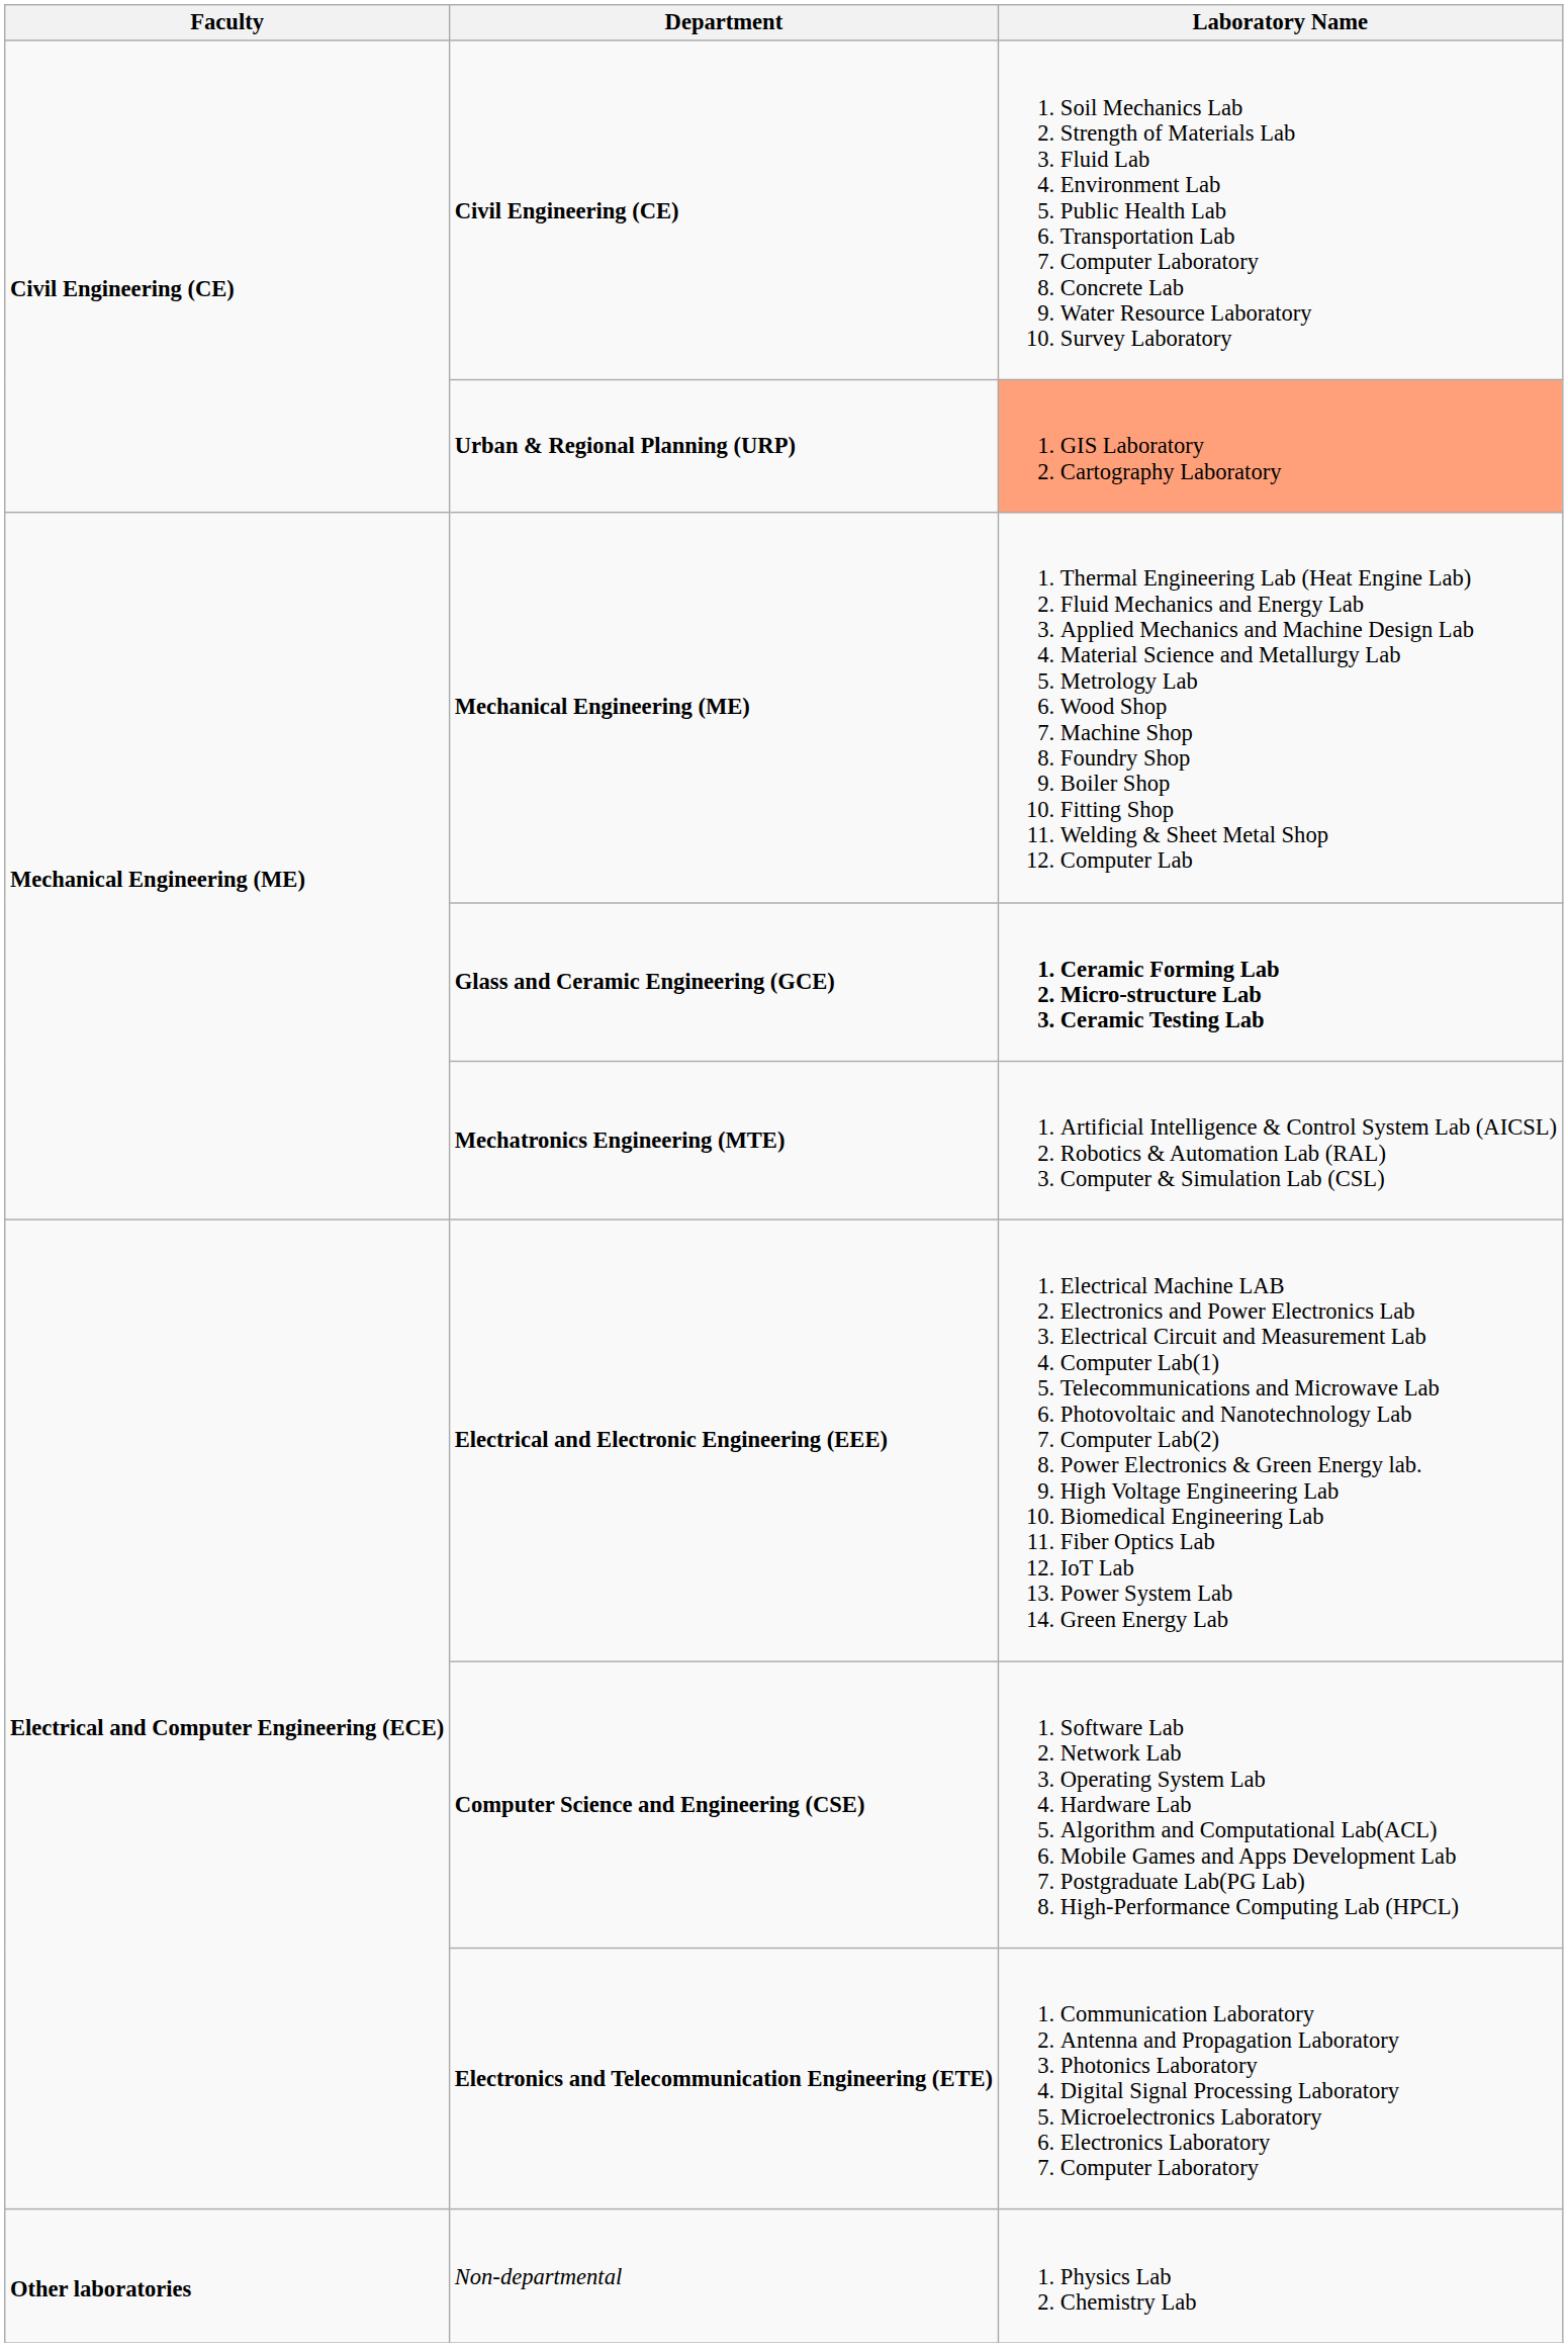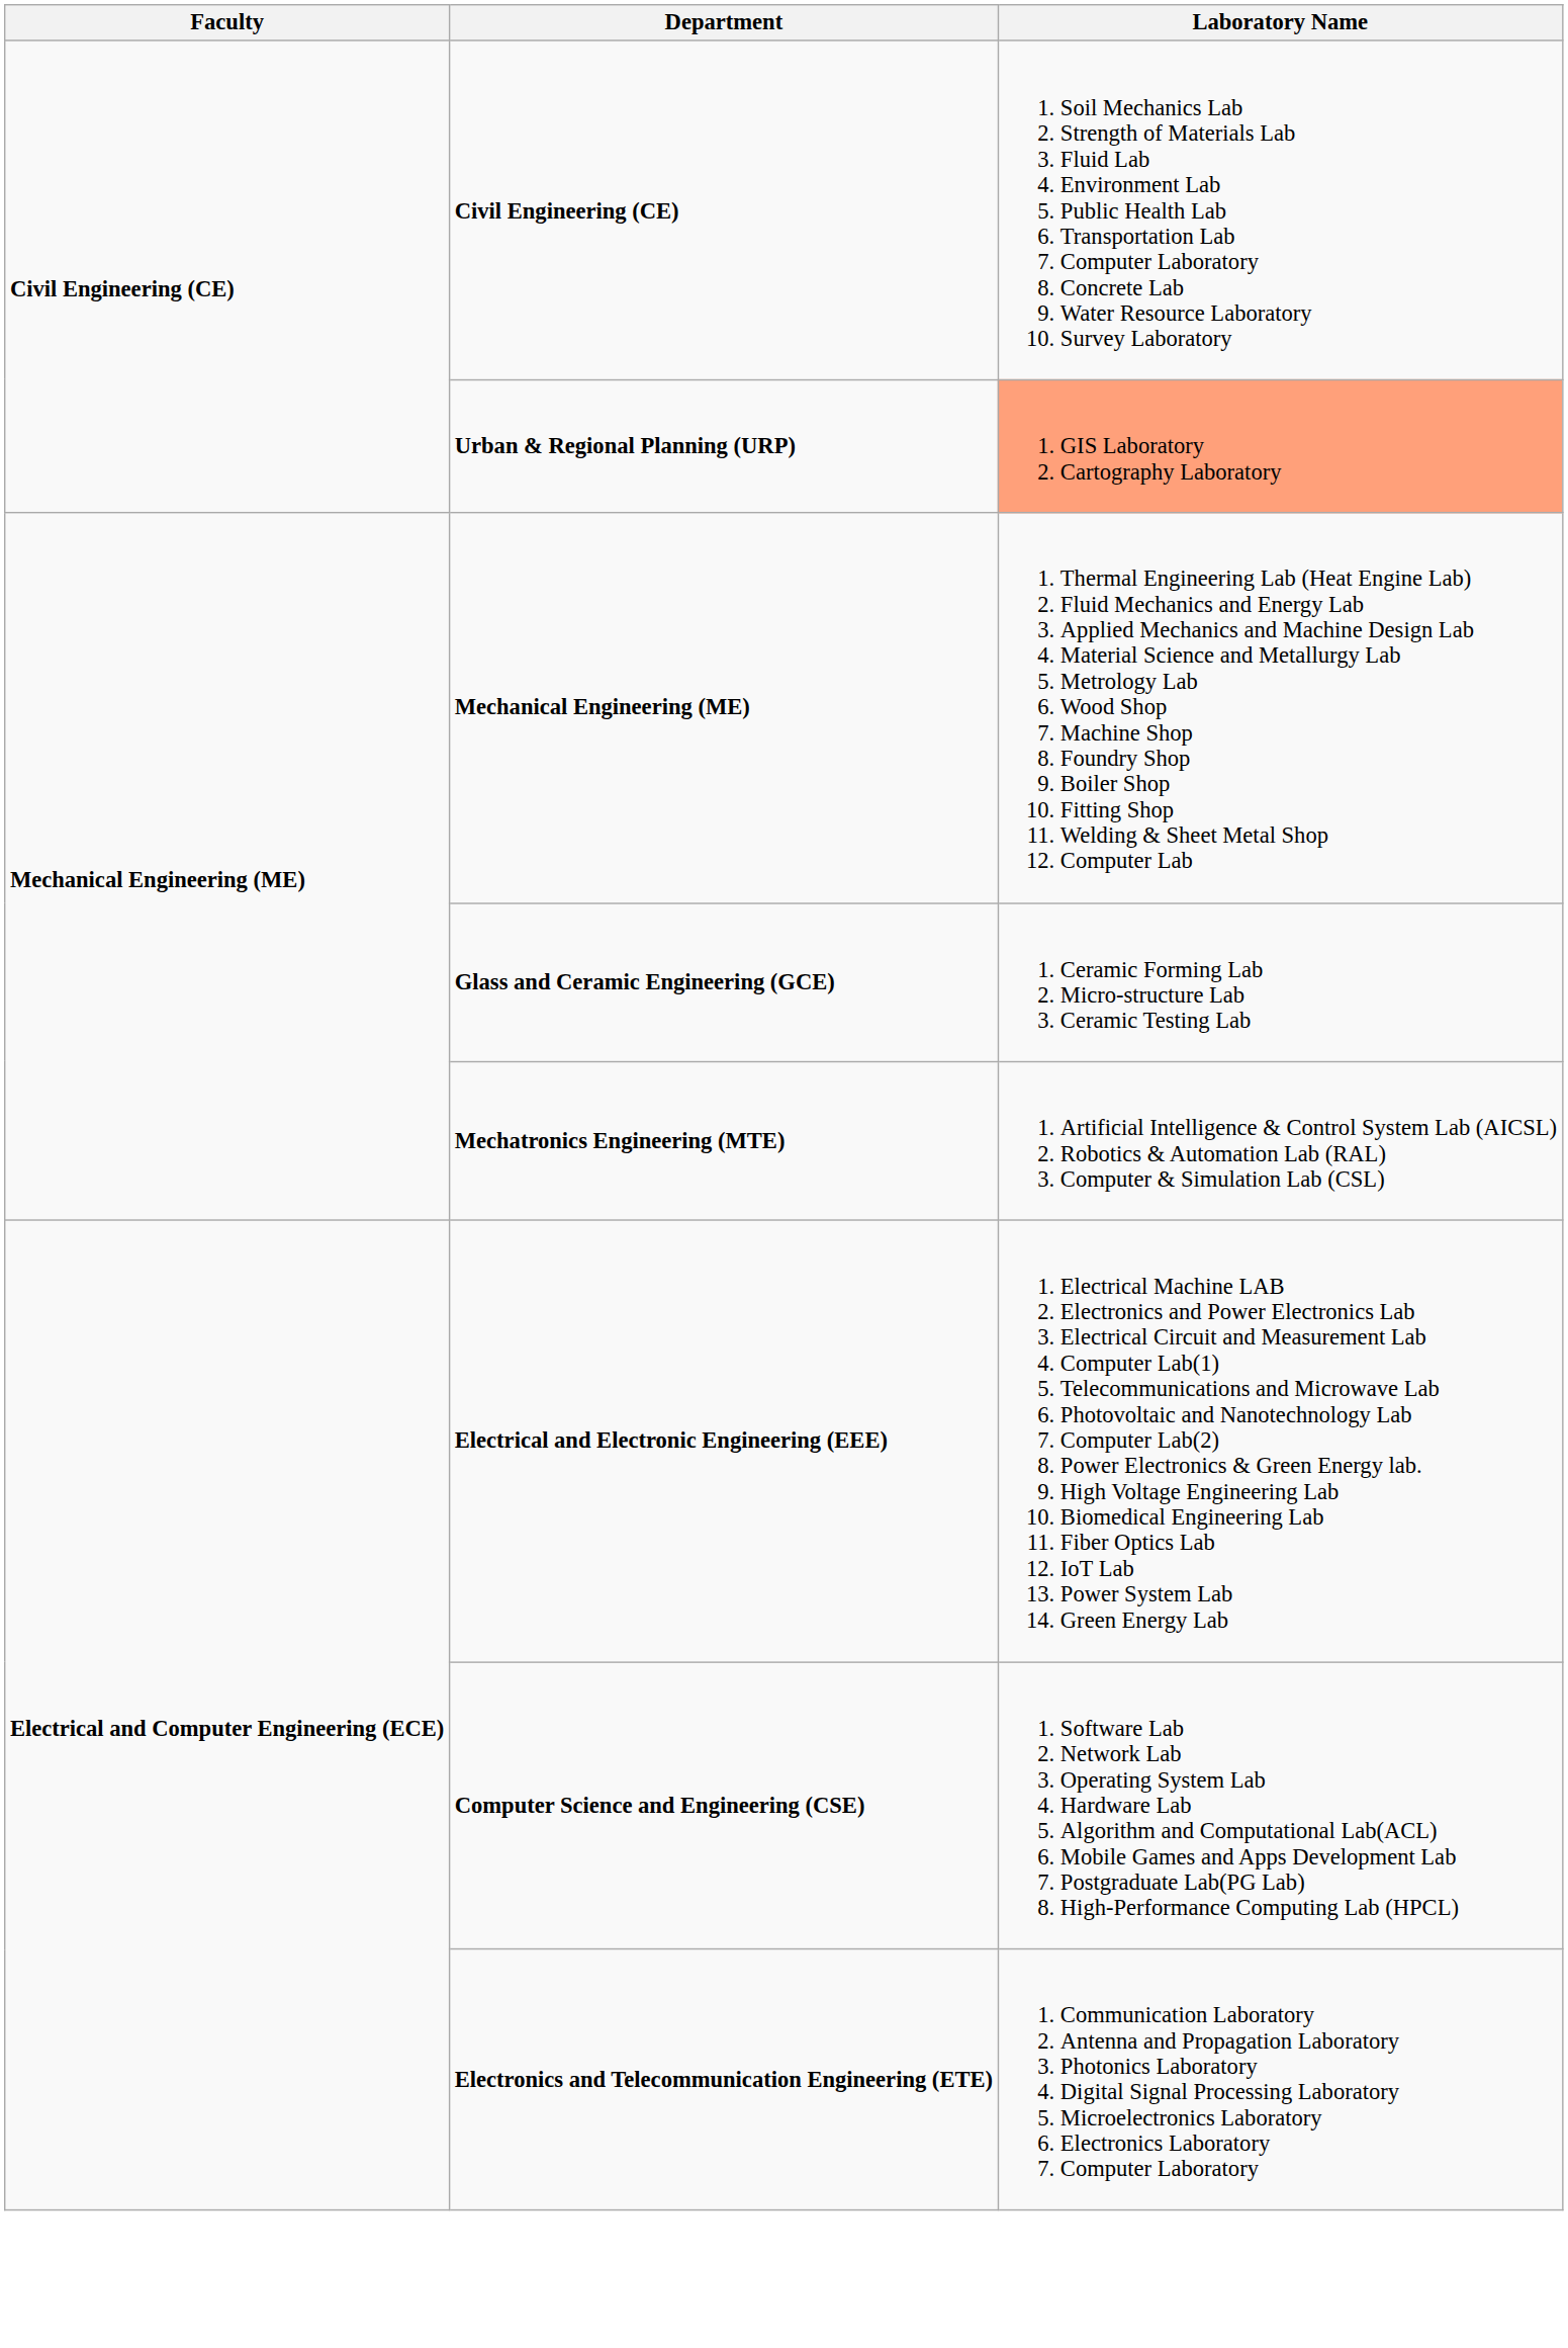 <table class="wikitable">
 <tr>
 <th>Faculty</th>
 <th>Department</th>
 <th>Laboratory Name</th>
 </tr>
 <tr>
 <td rowspan="2"><br><h4>Civil Engineering (CE)</h4></td>
 <td><strong>Civil Engineering (CE)</strong></td>
 <td><br><ol><li>Soil Mechanics Lab</li><li>Strength of Materials Lab</li><li>Fluid Lab</li><li>Environment Lab</li><li>Public Health Lab</li><li>Transportation Lab</li><li>Computer Laboratory</li><li>Concrete Lab</li><li>Water Resource Laboratory</li><li>Survey Laboratory</li></ol></td>
 </tr>
 <tr>
 <td><strong>Urban & Regional Planning (URP)</strong></td>
 <td style="background: lightsalmon;"><br><ol><li>GIS Laboratory</li><li>Cartography Laboratory</li></ol></td>
 </tr>
 <tr>
 <td rowspan="3"><br><h4>Mechanical Engineering (ME)</h4></td>
 <td><strong>Mechanical Engineering (ME)</strong></td>
 <td><br><ol><li>Thermal Engineering Lab (Heat Engine Lab)</li><li>Fluid Mechanics and Energy Lab</li><li>Applied Mechanics and Machine Design Lab</li><li>Material Science and Metallurgy Lab</li><li>Metrology Lab</li><li>Wood Shop</li><li>Machine Shop</li><li>Foundry Shop</li><li>Boiler Shop</li><li>Fitting Shop</li><li>Welding & Sheet Metal Shop</li><li>Computer Lab</li></ol></td>
 </tr>
 <tr>
 <td><strong>Glass and Ceramic Engineering (GCE)</strong></td>
-<td><strong><br><ol><li>Ceramic Forming Lab</li><li>Micro-structure Lab</li><li>Ceramic Testing Lab</li></ol></strong></td>
+<td><br><ol><li>Ceramic Forming Lab</li><li>Micro-structure Lab</li><li>Ceramic Testing Lab</li></ol></td>
 </tr>
 <tr>
 <td><strong>Mechatronics Engineering (MTE)</strong></td>
 <td><br><ol><li>Artificial Intelligence & Control System Lab (AICSL)</li><li>Robotics & Automation Lab (RAL)</li><li>Computer & Simulation Lab (CSL)</li></ol></td>
 </tr>
 <tr>
 <td rowspan="3"><br><h4>Electrical and Computer Engineering                     (ECE)</h4></td>
 <td><strong>Electrical and Electronic Engineering (EEE)</strong></td>
 <td><br><ol><li>Electrical Machine LAB</li><li>Electronics and Power Electronics Lab</li><li>Electrical Circuit and Measurement Lab</li><li>Computer Lab(1)</li><li>Telecommunications and Microwave Lab</li><li>Photovoltaic and Nanotechnology Lab</li><li>Computer Lab(2)</li><li>Power Electronics & Green Energy lab.</li><li>High Voltage Engineering Lab</li><li>Biomedical Engineering Lab</li><li>Fiber Optics Lab</li><li>IoT Lab</li><li>Power System Lab</li><li>Green Energy Lab</li></ol></td>
 </tr>
 <tr>
 <td><strong>Computer Science and Engineering (CSE)</strong></td>
 <td><br><ol><li>Software Lab</li><li>Network Lab</li><li>Operating System Lab</li><li>Hardware Lab</li><li>Algorithm and Computational Lab(ACL)</li><li>Mobile Games and Apps Development Lab</li><li>Postgraduate Lab(PG Lab)</li><li>High-Performance Computing Lab (HPCL)</li></ol></td>
 </tr>
 <tr>
 <td><strong>Electronics and Telecommunication Engineering</strong>                                   <strong>(ETE)</strong></td>
 <td><br><ol><li>Communication Laboratory</li><li>Antenna and Propagation Laboratory</li><li>Photonics Laboratory</li><li>Digital Signal Processing Laboratory</li><li>Microelectronics Laboratory</li><li>Electronics Laboratory</li><li>Computer Laboratory</li></ol></td>
 </tr>
-<tr>
-<td><br><h4>Other laboratories</h4></td>
-<td><em>Non-departmental</em></td>
-<td><br><ol><li>Physics Lab</li><li>Chemistry Lab</li></ol></td>
-</tr>
 </table>
